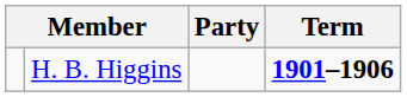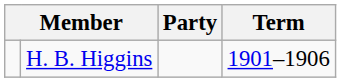 <table class="wikitable">
 <tr>
 <th colspan="2">Member</th>
 <th>Party</th>
 <th>Term</th>
 </tr>
 <tr>
 <td> </td>
 <td><a href='#'>H. B. Higgins</a></td>
 <td></td>
-<td><strong><a href='#'>1901</a>–1906</strong></td>
+<td><a href='#'>1901</a>–1906</td>
 </tr>
 </table>
